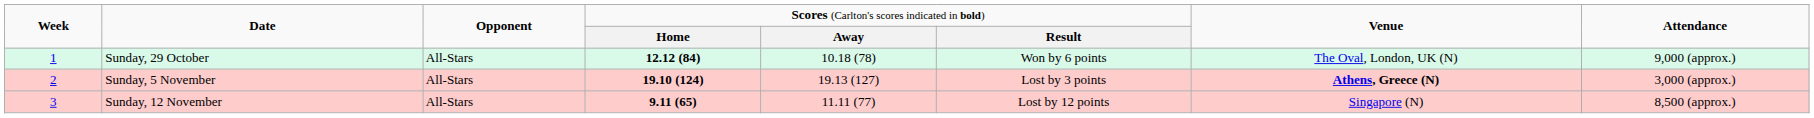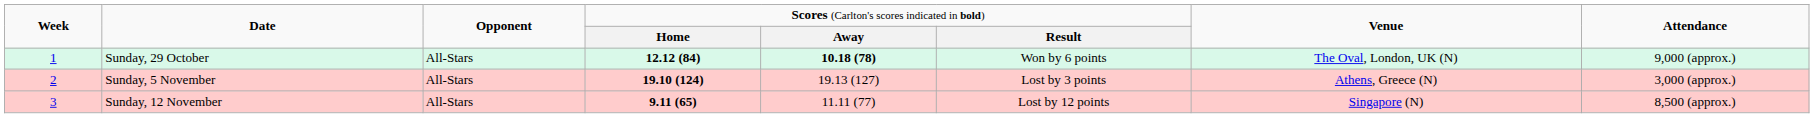 <table class="wikitable" style="font-size:90%; text-align:center; width: 100%; margin-left: auto; margin-right: auto;">
 <tr>
 <td rowspan=2><strong>Week</strong></td>
 <td rowspan=2><strong>Date</strong></td>
 <td rowspan=2><strong>Opponent</strong></td>
 <td colspan=3><strong>Scores</strong> <small>(Carlton's scores indicated in <strong>bold</strong>)</small></td>
 <td rowspan=2><strong>Venue</strong></td>
 <td rowspan=2><strong>Attendance</strong></td>
 </tr>
 <tr>
 <th>Home</th>
 <th>Away</th>
 <th>Result</th>
 </tr>
 <tr style="background:#d9f9e9;">
 <td><a href='#'>1</a></td>
 <td align=left>Sunday, 29 October</td>
 <td align=left>All-Stars</td>
 <td><strong>12.12 (84)</strong></td>
-<td>10.18 (78)</td>
+<td><strong>10.18 (78)</strong></td>
 <td>Won by 6 points</td>
 <td><a href='#'>The Oval</a>, London, UK (N)</td>
 <td>9,000 (approx.)</td>
 </tr>
 <tr style="background:#fcc;">
 <td><a href='#'>2</a></td>
 <td align=left>Sunday, 5 November</td>
 <td align=left>All-Stars</td>
 <td><strong>19.10 (124)</strong></td>
 <td>19.13 (127)</td>
 <td>Lost by 3 points</td>
-<td><strong><a href='#'>Athens</a>, Greece (N)</strong></td>
+<td><a href='#'>Athens</a>, Greece (N)</td>
 <td>3,000 (approx.)</td>
 </tr>
 <tr style="background:#fcc;">
 <td><a href='#'>3</a></td>
 <td align=left>Sunday, 12 November</td>
 <td align=left>All-Stars</td>
 <td><strong>9.11 (65)</strong></td>
 <td>11.11 (77)</td>
 <td>Lost by 12 points</td>
 <td><a href='#'>Singapore</a> (N)</td>
 <td>8,500 (approx.)</td>
 </tr>
 </table>
